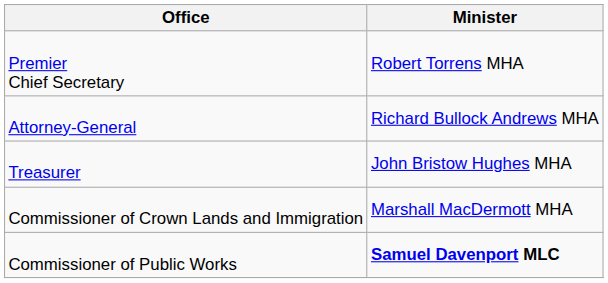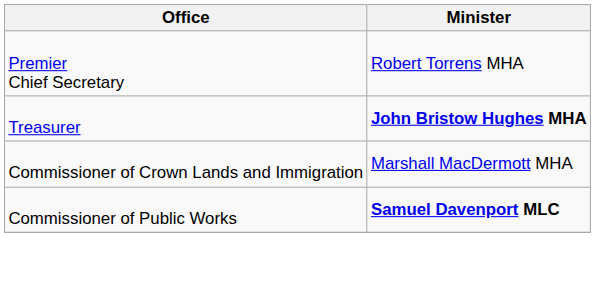 <table class="wikitable">
 <tr>
 <th>Office</th>
 <th>Minister</th>
 </tr>
 <tr>
 <td><br><a href='#'>Premier</a><br> Chief Secretary</td>
 <td><a href='#'>Robert Torrens</a> MHA</td>
 </tr>
 <tr>
-<td><br><a href='#'>Attorney-General</a></td>
-<td><a href='#'>Richard Bullock Andrews</a> MHA</td>
-</tr>
-<tr>
 <td><br><a href='#'>Treasurer</a><br></td>
-<td><a href='#'>John Bristow Hughes</a> MHA</td>
+<td><strong><a href='#'>John Bristow Hughes</a> MHA</strong></td>
 </tr>
 <tr>
 <td><br>Commissioner of Crown Lands and Immigration<br></td>
 <td><a href='#'>Marshall MacDermott</a> MHA</td>
 </tr>
 <tr>
 <td><br>Commissioner of Public Works<br></td>
 <td><strong><a href='#'>Samuel Davenport</a> MLC</strong></td>
 </tr>
 <tr>
 </tr>
 </table>
